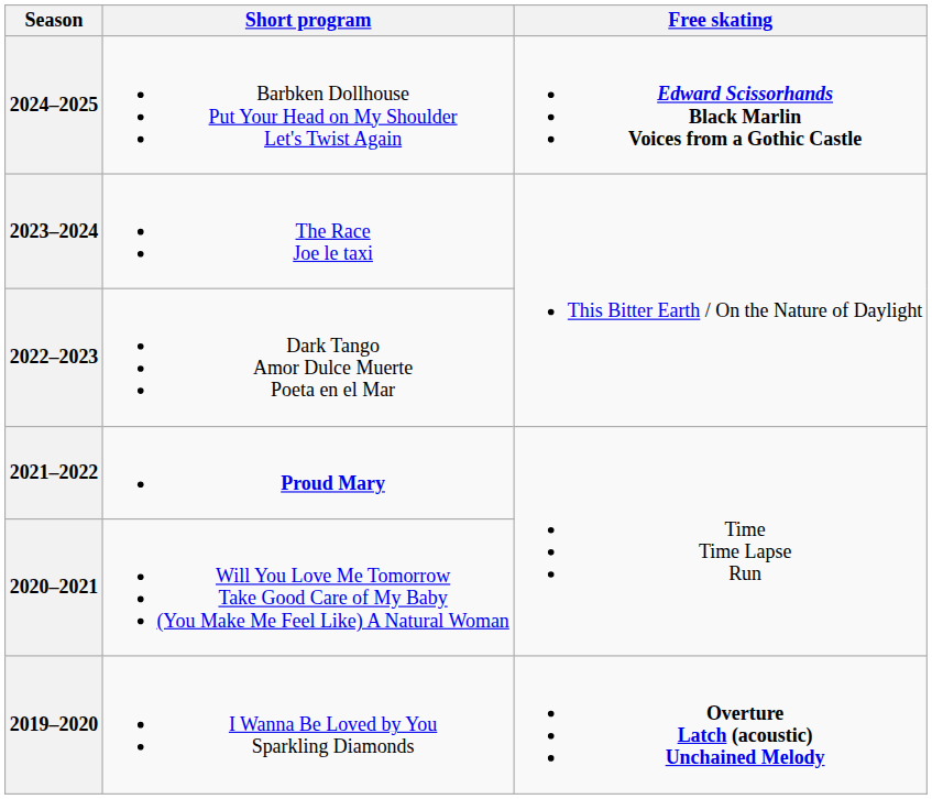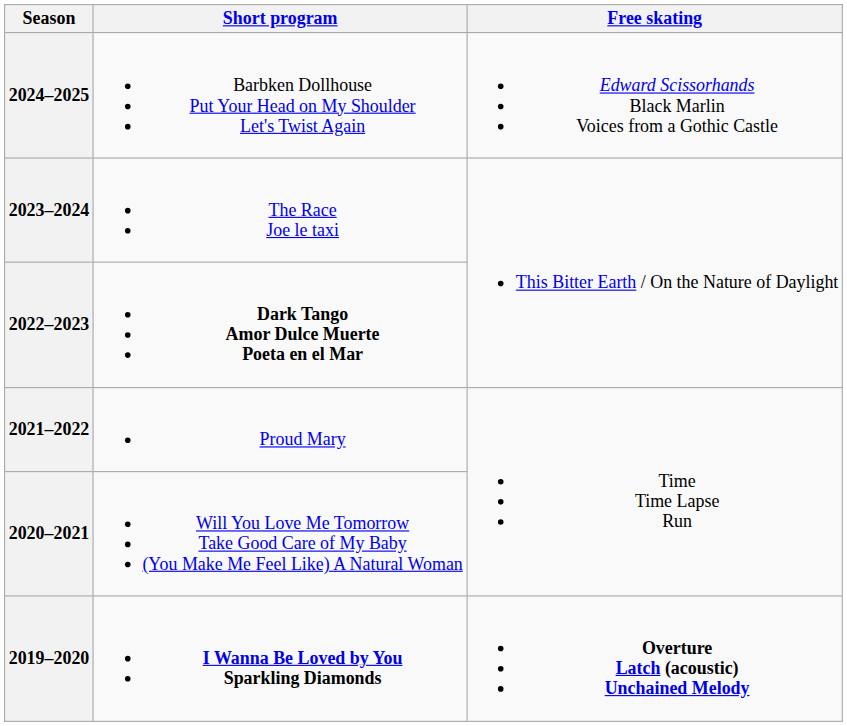 <table class=wikitable style=text-align:center>
 <tr>
 <th>Season</th>
 <th><a href='#'>Short program</a></th>
 <th><a href='#'>Free skating</a></th>
 </tr>
 <tr>
 <th>2024–2025 <br> </th>
 <td><br><ul><li>Barbken Dollhouse <br> </li><li><a href='#'>Put Your Head on My Shoulder</a> <br> </li><li><a href='#'>Let's Twist Again</a> <br> </li></ul></td>
-<td><strong><br><ul><li><em><a href='#'>Edward Scissorhands</a></em> <br> </li><li>Black Marlin <br> </li><li>Voices from a Gothic Castle <br> </li></ul></strong></td>
+<td><br><ul><li><em><a href='#'>Edward Scissorhands</a></em> <br> </li><li>Black Marlin <br> </li><li>Voices from a Gothic Castle <br> </li></ul></td>
 </tr>
 <tr>
 <th>2023–2024 <br> </th>
 <td><br><ul><li><a href='#'>The Race</a> <br> </li><li><a href='#'>Joe le taxi</a> <br> </li></ul></td>
 <td rowspan=2><br><ul><li><a href='#'>This Bitter Earth</a> / On the Nature of Daylight <br> </li></ul></td>
 </tr>
 <tr>
 <th>2022–2023 <br> </th>
-<td><br><ul><li> Dark Tango <br> </li><li> Amor Dulce Muerte</li><li> Poeta en el Mar <br> </li></ul></td>
+<td><strong><br><ul><li> Dark Tango <br> </li><li> Amor Dulce Muerte</li><li> Poeta en el Mar <br> </li></ul></strong></td>
 </tr>
 <tr>
 <th>2021–2022 <br> </th>
-<td><strong><br><ul><li><a href='#'>Proud Mary</a> <br> </li></ul></strong></td>
+<td><br><ul><li><a href='#'>Proud Mary</a> <br> </li></ul></td>
 <td rowspan=2><br><ul><li>Time <br> </li><li>Time Lapse</li><li>Run <br> </li></ul></td>
 </tr>
 <tr>
 <th>2020–2021 <br> </th>
 <td><br><ul><li><a href='#'>Will You Love Me Tomorrow</a></li><li><a href='#'>Take Good Care of My Baby</a></li><li><a href='#'>(You Make Me Feel Like) A Natural Woman</a> <br> </li></ul></td>
 </tr>
 <tr>
 <th>2019–2020 <br> </th>
-<td><br><ul><li><a href='#'>I Wanna Be Loved by You</a> <br> </li><li>Sparkling Diamonds <br> </li></ul></td>
+<td><strong><br><ul><li><a href='#'>I Wanna Be Loved by You</a> <br> </li><li>Sparkling Diamonds <br> </li></ul></strong></td>
 <td><strong><br><ul><li>Overture <br> </li><li><a href='#'>Latch</a> (acoustic) <br> </li><li><a href='#'>Unchained Melody</a> <br> </li></ul></strong></td>
 </tr>
 </table>
